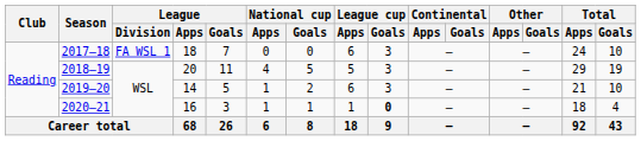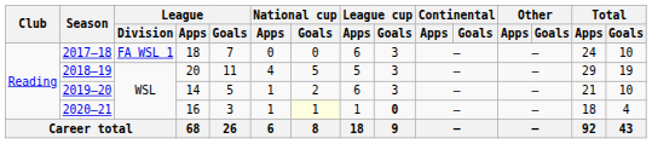 <table class="wikitable" style="text-align:center">
 <tr>
 <th rowspan="2">Club</th>
 <th rowspan="2">Season</th>
 <th colspan="3">League</th>
 <th colspan="2">National cup</th>
 <th colspan="2">League cup</th>
 <th colspan="2">Continental</th>
 <th colspan="2">Other</th>
 <th colspan="2">Total</th>
 </tr>
 <tr>
 <th>Division</th>
 <th>Apps</th>
 <th>Goals</th>
 <th>Apps</th>
 <th>Goals</th>
 <th>Apps</th>
 <th>Goals</th>
 <th>Apps</th>
 <th>Goals</th>
 <th>Apps</th>
 <th>Goals</th>
 <th>Apps</th>
 <th>Goals</th>
 </tr>
 <tr>
 <td rowspan="4"><a href='#'>Reading</a></td>
 <td><a href='#'>2017–18</a></td>
 <td><a href='#'>FA WSL 1</a></td>
 <td>18</td>
 <td>7</td>
 <td>0</td>
 <td>0</td>
 <td>6</td>
 <td>3</td>
 <td colspan="2">—</td>
 <td colspan="2">—</td>
 <td>24</td>
 <td>10</td>
 </tr>
 <tr>
 <td><a href='#'>2018–19</a></td>
 <td rowspan="3">WSL</td>
 <td>20</td>
 <td>11</td>
 <td>4</td>
 <td>5</td>
 <td>5</td>
 <td>3</td>
 <td colspan="2">—</td>
 <td colspan="2">—</td>
 <td>29</td>
 <td>19</td>
 </tr>
 <tr>
 <td><a href='#'>2019–20</a></td>
 <td>14</td>
 <td>5</td>
 <td>1</td>
 <td>2</td>
 <td>6</td>
 <td>3</td>
 <td colspan="2">—</td>
 <td colspan="2">—</td>
 <td>21</td>
 <td>10</td>
 </tr>
 <tr>
 <td><a href='#'>2020–21</a></td>
 <td>16</td>
 <td>3</td>
 <td>1</td>
-<td>1</td>
+<td style="background: lightyellow;">1</td>
 <td>1</td>
 <td><strong>0</strong></td>
 <td colspan="2">—</td>
 <td colspan="2">—</td>
 <td>18</td>
 <td>4</td>
 </tr>
 <tr>
 <th colspan="3">Career total</th>
 <th>68</th>
 <th>26</th>
 <th>6</th>
 <th>8</th>
 <th>18</th>
 <th>9</th>
 <th colspan="2">—</th>
 <th colspan="2">—</th>
 <th>92</th>
 <th>43</th>
 </tr>
 </table>
